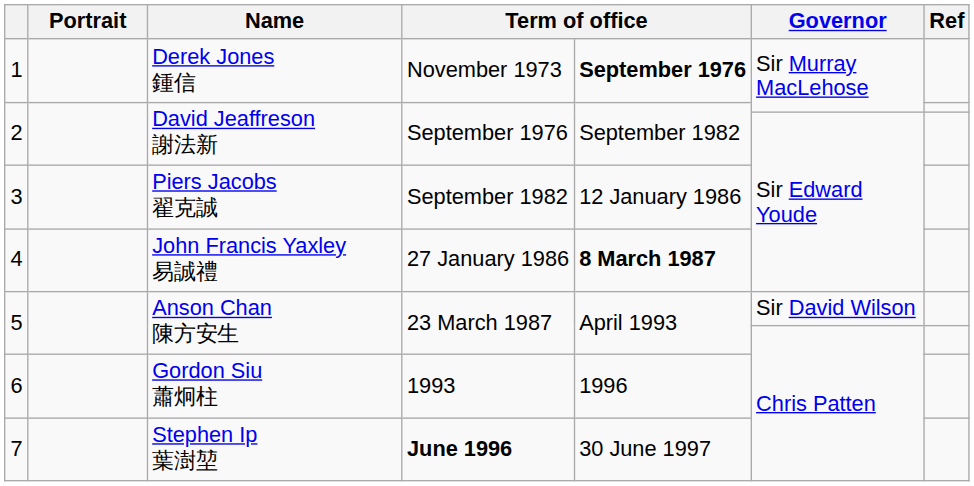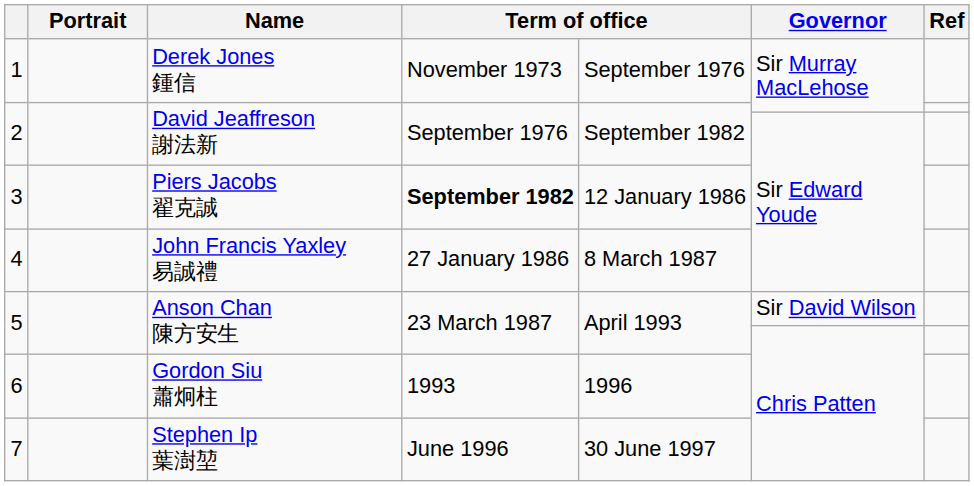 <table class="wikitable"  style="text-align:left">
 <tr>
 <th width=10px></th>
 <th width=80px>Portrait</th>
 <th width=180px>Name</th>
 <th width=180px colspan=2>Term of office</th>
 <th width=120px><a href='#'>Governor</a></th>
 <th>Ref</th>
 </tr>
 <tr>
 <td align=center>1</td>
 <td></td>
 <td><a href='#'>Derek Jones</a><br>鍾信</td>
 <td>November 1973</td>
-<td><strong>September 1976</strong></td>
+<td>September 1976</td>
 <td rowspan=2>Sir <a href='#'>Murray MacLehose</a><br></td>
 <td></td>
 </tr>
 <tr>
 <td rowspan=2 align=center>2</td>
 <td rowspan=2></td>
 <td rowspan=2><a href='#'>David Jeaffreson</a><br>謝法新</td>
 <td rowspan=2>September 1976</td>
 <td rowspan=2>September 1982</td>
 <td></td>
 </tr>
 <tr>
 <td rowspan=3>Sir <a href='#'>Edward Youde</a><br></td>
 <td></td>
 </tr>
 <tr>
 <td align=center>3</td>
 <td></td>
 <td><a href='#'>Piers Jacobs</a><br>翟克誠</td>
-<td>September 1982</td>
+<td><strong>September 1982</strong></td>
 <td>12 January 1986</td>
 <td></td>
 </tr>
 <tr>
 <td align=center>4</td>
 <td></td>
 <td><a href='#'>John Francis Yaxley</a><br>易誠禮</td>
 <td>27 January 1986</td>
-<td><strong>8 March 1987</strong></td>
+<td>8 March 1987</td>
 <td></td>
 </tr>
 <tr>
 <td rowspan=2 align=center>5</td>
 <td rowspan=2></td>
 <td rowspan=2><a href='#'>Anson Chan</a><br>陳方安生</td>
 <td rowspan=2>23 March 1987</td>
 <td rowspan=2>April 1993</td>
 <td>Sir <a href='#'>David Wilson</a><br></td>
 <td></td>
 </tr>
 <tr>
 <td rowspan=3><a href='#'>Chris Patten</a><br></td>
 <td></td>
 </tr>
 <tr>
 <td align=center>6</td>
 <td></td>
 <td><a href='#'>Gordon Siu</a><br>蕭炯柱</td>
 <td>1993</td>
 <td>1996</td>
 <td></td>
 </tr>
 <tr>
 <td align=center>7</td>
 <td></td>
 <td><a href='#'>Stephen Ip</a><br>葉澍堃</td>
-<td><strong>June 1996</strong></td>
+<td>June 1996</td>
 <td>30 June 1997</td>
 <td></td>
 </tr>
 </table>
